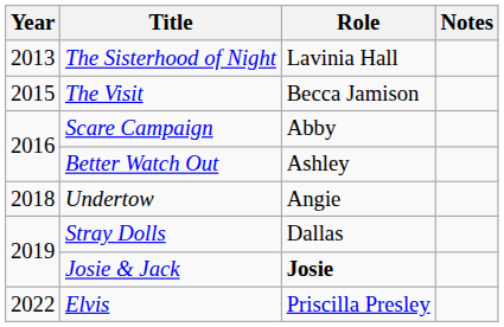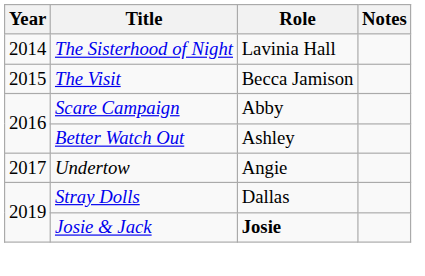 <table class="wikitable sortable">
 <tr>
 <th>Year</th>
 <th>Title</th>
 <th>Role</th>
 <th class="unsortable">Notes</th>
 </tr>
 <tr>
-<td>2013</td>
+<td>2014</td>
 <td><em><a href='#'>The Sisterhood of Night</a></em></td>
 <td>Lavinia Hall</td>
 <td></td>
 </tr>
 <tr>
 <td>2015</td>
 <td><em><a href='#'>The Visit</a></em></td>
 <td>Becca Jamison</td>
 <td></td>
 </tr>
 <tr>
 <td rowspan="2">2016</td>
 <td><em><a href='#'>Scare Campaign</a></em></td>
 <td>Abby</td>
 <td></td>
 </tr>
 <tr>
 <td><em><a href='#'>Better Watch Out</a></em></td>
 <td>Ashley</td>
 <td></td>
 </tr>
 <tr>
-<td>2018</td>
+<td>2017</td>
 <td><em>Undertow</em></td>
 <td>Angie</td>
 <td></td>
 </tr>
 <tr>
 <td rowspan="2">2019</td>
 <td><em><a href='#'>Stray Dolls</a></em></td>
 <td>Dallas</td>
 <td></td>
 </tr>
 <tr>
 <td><em><a href='#'>Josie & Jack</a></em></td>
 <td><strong>Josie</strong></td>
 <td></td>
 </tr>
-<tr>
-<td>2022</td>
-<td><em><a href='#'>Elvis</a></em></td>
-<td><a href='#'>Priscilla Presley</a></td>
-<td></td>
-</tr>
 </table>
